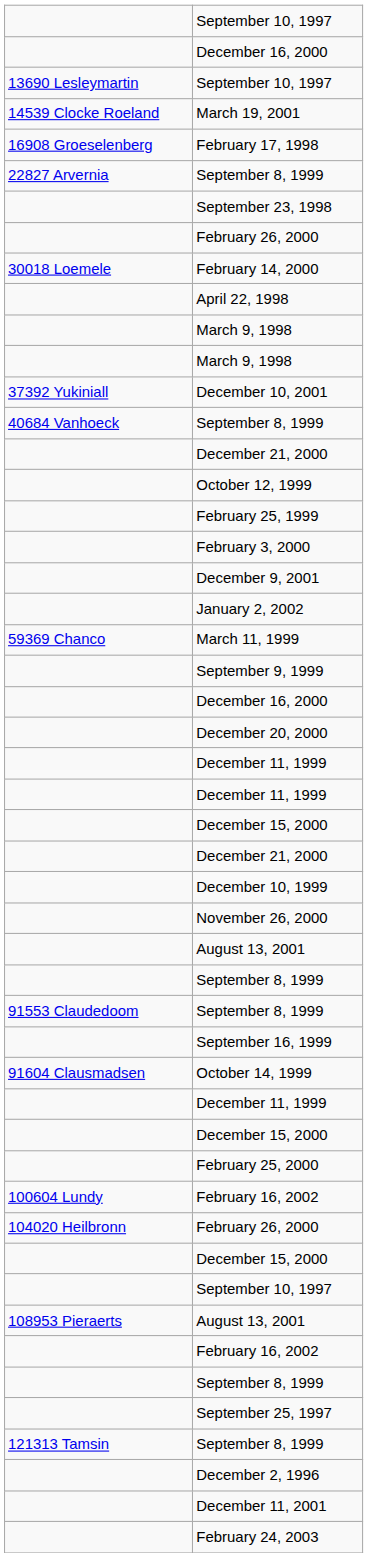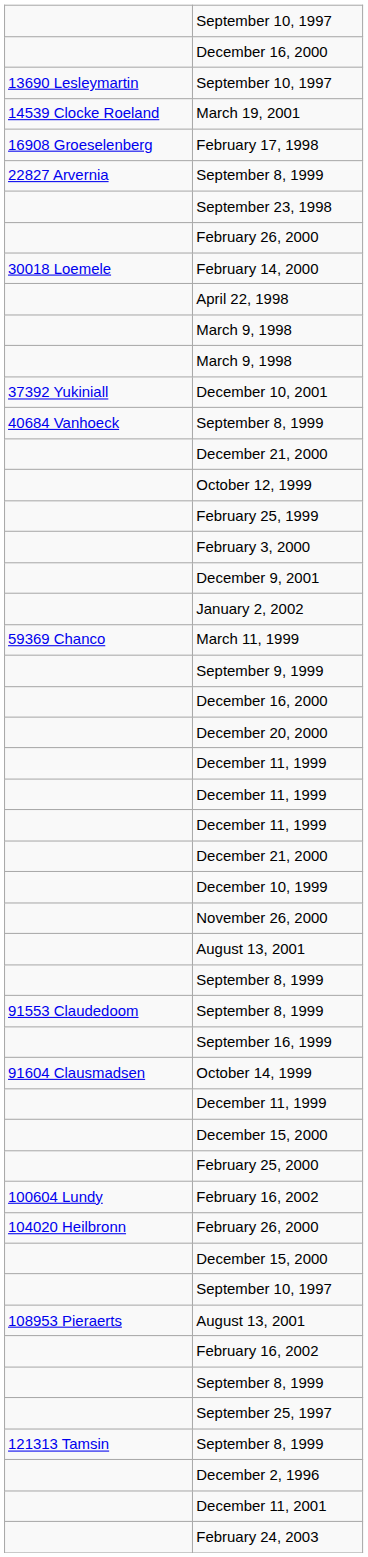 <table class="wikitable" style="font-size: 89%; float: left; width: 24em; margin-right: 1em; line-height: 1.6em !important;">
 <tr>
 <td></td>
 <td>September 10, 1997</td>
 </tr>
 <tr>
 <td></td>
 <td>December 16, 2000</td>
 </tr>
 <tr>
 <td><a href='#'>13690 Lesleymartin</a></td>
 <td>September 10, 1997</td>
 </tr>
 <tr>
 <td><a href='#'>14539 Clocke Roeland</a></td>
 <td>March 19, 2001</td>
 </tr>
 <tr>
 <td><a href='#'>16908 Groeselenberg</a></td>
 <td>February 17, 1998</td>
 </tr>
 <tr>
 <td><a href='#'>22827 Arvernia</a></td>
 <td>September 8, 1999</td>
 </tr>
 <tr>
 <td></td>
 <td>September 23, 1998</td>
 </tr>
 <tr>
 <td></td>
 <td>February 26, 2000</td>
 </tr>
 <tr>
 <td><a href='#'>30018 Loemele</a></td>
 <td>February 14, 2000</td>
 </tr>
 <tr>
 <td></td>
 <td>April 22, 1998</td>
 </tr>
 <tr>
 <td></td>
 <td>March 9, 1998</td>
 </tr>
 <tr>
 <td></td>
 <td>March 9, 1998</td>
 </tr>
 <tr>
 <td><a href='#'>37392 Yukiniall</a></td>
 <td>December 10, 2001</td>
 </tr>
 <tr>
 <td><a href='#'>40684 Vanhoeck</a></td>
 <td>September 8, 1999</td>
 </tr>
 <tr>
 <td></td>
 <td>December 21, 2000</td>
 </tr>
 <tr>
 <td></td>
 <td>October 12, 1999</td>
 </tr>
 <tr>
 <td></td>
 <td>February 25, 1999</td>
 </tr>
 <tr>
 <td></td>
 <td>February 3, 2000</td>
 </tr>
 <tr>
 <td></td>
 <td>December 9, 2001</td>
 </tr>
 <tr>
 <td></td>
 <td>January 2, 2002</td>
 </tr>
 <tr>
 <td><a href='#'>59369 Chanco</a></td>
 <td>March 11, 1999</td>
 </tr>
 <tr>
 <td></td>
 <td>September 9, 1999</td>
 </tr>
 <tr>
 <td></td>
 <td>December 16, 2000</td>
 </tr>
 <tr>
 <td></td>
 <td>December 20, 2000</td>
 </tr>
 <tr>
 <td></td>
 <td>December 11, 1999</td>
 </tr>
 <tr>
 <td></td>
 <td>December 11, 1999</td>
 </tr>
 <tr>
 <td></td>
-<td>December 15, 2000</td>
+<td>December 11, 1999</td>
 </tr>
 <tr>
 <td></td>
 <td>December 21, 2000</td>
 </tr>
 <tr>
 <td></td>
 <td>December 10, 1999</td>
 </tr>
 <tr>
 <td></td>
 <td>November 26, 2000</td>
 </tr>
 <tr>
 <td></td>
 <td>August 13, 2001</td>
 </tr>
 <tr>
 <td></td>
 <td>September 8, 1999</td>
 </tr>
 <tr>
 <td><a href='#'>91553 Claudedoom</a></td>
 <td>September 8, 1999</td>
 </tr>
 <tr>
 <td></td>
 <td>September 16, 1999</td>
 </tr>
 <tr>
 <td><a href='#'>91604 Clausmadsen</a></td>
 <td>October 14, 1999</td>
 </tr>
 <tr>
 <td></td>
 <td>December 11, 1999</td>
 </tr>
 <tr>
 <td></td>
 <td>December 15, 2000</td>
 </tr>
 <tr>
 <td></td>
 <td>February 25, 2000</td>
 </tr>
 <tr>
 <td><a href='#'>100604 Lundy</a></td>
 <td>February 16, 2002</td>
 </tr>
 <tr>
 <td><a href='#'>104020 Heilbronn</a></td>
 <td>February 26, 2000</td>
 </tr>
 <tr>
 <td></td>
 <td>December 15, 2000</td>
 </tr>
 <tr>
 <td></td>
 <td>September 10, 1997</td>
 </tr>
 <tr>
 <td><a href='#'>108953 Pieraerts</a></td>
 <td>August 13, 2001</td>
 </tr>
 <tr>
 <td></td>
 <td>February 16, 2002</td>
 </tr>
 <tr>
 <td></td>
 <td>September 8, 1999</td>
 </tr>
 <tr>
 <td></td>
 <td>September 25, 1997</td>
 </tr>
 <tr>
 <td><a href='#'>121313 Tamsin</a></td>
 <td>September 8, 1999</td>
 </tr>
 <tr>
 <td></td>
 <td>December 2, 1996</td>
 </tr>
 <tr>
 <td></td>
 <td>December 11, 2001</td>
 </tr>
 <tr>
 <td></td>
 <td>February 24, 2003</td>
 </tr>
 </table>
